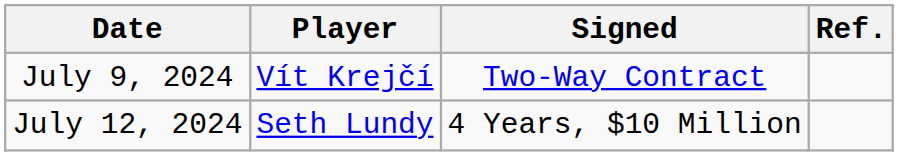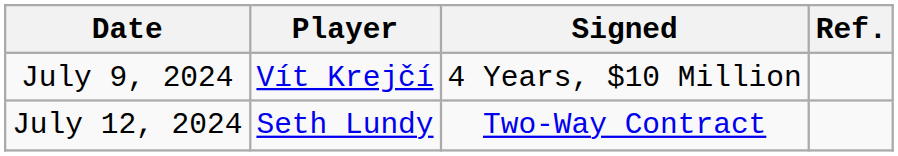 <table class="wikitable sortable sortable" style="text-align: center;">
 <tr>
 <th>Date</th>
 <th>Player</th>
 <th>Signed</th>
 <th>Ref.</th>
 </tr>
 <tr>
 <td>July 9, 2024</td>
 <td><a href='#'>Vít Krejčí</a></td>
-<td><a href='#'>Two-Way Contract</a></td>
+<td>4 Years, $10 Million</td>
 <td></td>
 </tr>
 <tr>
 <td>July 12, 2024</td>
 <td><a href='#'>Seth Lundy</a></td>
-<td>4 Years, $10 Million</td>
+<td><a href='#'>Two-Way Contract</a></td>
 <td></td>
 </tr>
 </table>
